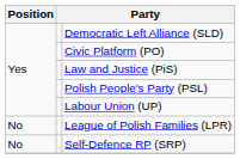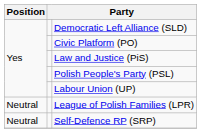 <table class="wikitable">
 <tr>
 <th>Position</th>
 <th colspan=2>Party</th>
 </tr>
 <tr>
 <td rowspan="5">Yes</td>
 <td style="background-color: "></td>
 <td><a href='#'>Democratic Left Alliance</a> (SLD)</td>
 </tr>
 <tr>
 <td style="background-color: "></td>
 <td><a href='#'>Civic Platform</a> (PO)</td>
 </tr>
 <tr>
 <td style="background-color: "></td>
 <td><a href='#'>Law and Justice</a> (PiS)</td>
 </tr>
 <tr>
 <td style="background-color: "></td>
 <td><a href='#'>Polish People's Party</a> (PSL)</td>
 </tr>
 <tr>
 <td style="background-color: "></td>
 <td><a href='#'>Labour Union</a> (UP)</td>
 </tr>
 <tr>
-<td>No</td>
+<td>Neutral</td>
 <td style="background-color: "></td>
 <td><a href='#'>League of Polish Families</a> (LPR)</td>
 </tr>
 <tr>
-<td>No</td>
+<td>Neutral</td>
 <td style="background-color: "></td>
 <td><a href='#'>Self-Defence RP</a> (SRP)</td>
 </tr>
 <tr>
 </tr>
 </table>
